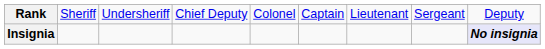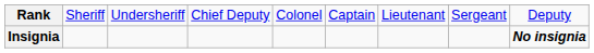 <table class="wikitable">
 <tr style="text-align:center;">
 <th>Rank</th>
 <td><a href='#'>Sheriff</a></td>
 <td><a href='#'>Undersheriff</a></td>
 <td><a href='#'>Chief Deputy</a></td>
 <td><a href='#'>Colonel</a></td>
 <td><a href='#'>Captain</a></td>
 <td><a href='#'>Lieutenant</a></td>
 <td><a href='#'>Sergeant</a></td>
 <td><a href='#'>Deputy</a></td>
 </tr>
 <tr style="text-align:center;">
 <th>Insignia</th>
 <td></td>
 <td></td>
 <td></td>
 <td></td>
 <td></td>
 <td></td>
 <td></td>
-<td style="background: lavender;"><strong><em>No insignia</em></strong></td>
+<td><strong><em>No insignia</em></strong></td>
 </tr>
 </table>
